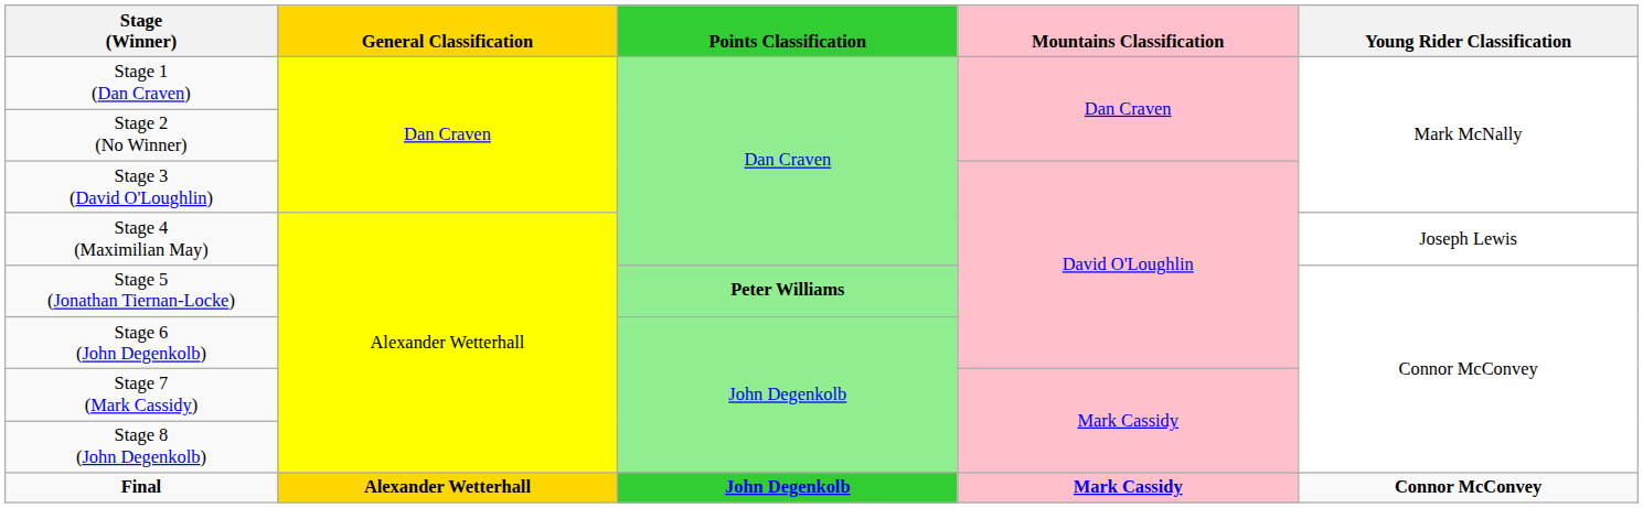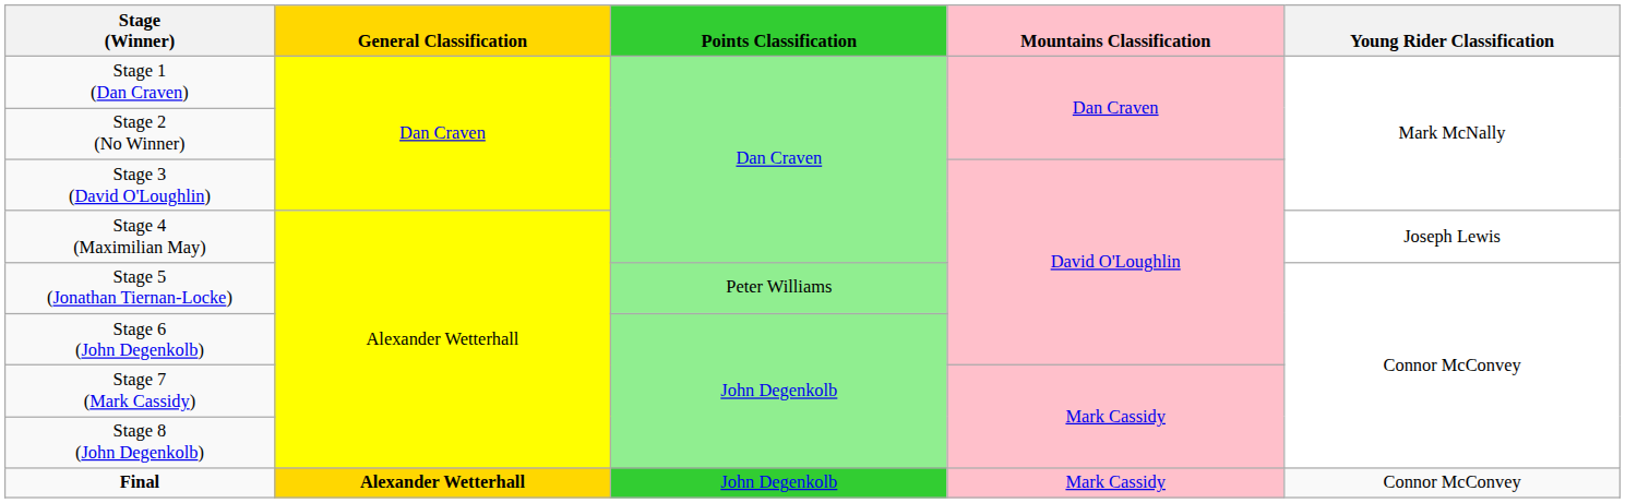 <table class="wikitable" style="text-align: center; font-size:smaller;">
 <tr>
 <th width="12%"><strong>Stage<br>(Winner)</strong></th>
 <th style="background-color:gold;" width="15%"><br><strong>General Classification</strong></th>
 <th style="background-color:limegreen;" width="15%"><br><strong>Points Classification</strong></th>
 <th style="background-color:pink;" width="15%"><br><strong>Mountains Classification</strong></th>
 <th style="background-color:offwhite;" width="15%"><br><strong>Young Rider Classification</strong></th>
 </tr>
 <tr>
 <td>Stage 1 <br>(<a href='#'>Dan Craven</a>)</td>
 <td style="background-color:yellow;" rowspan="3"><a href='#'>Dan Craven</a></td>
 <td style="background-color:lightgreen;" rowspan="4"><a href='#'>Dan Craven</a></td>
 <td style="background-color:pink;" rowspan="2"><a href='#'>Dan Craven</a></td>
 <td style="background-color:white;" rowspan="3">Mark McNally</td>
 </tr>
 <tr>
 <td>Stage 2<br>(No Winner)</td>
 </tr>
 <tr>
 <td>Stage 3<br>(<a href='#'>David O'Loughlin</a>)</td>
 <td style="background-color:pink;" rowspan="4"><a href='#'>David O'Loughlin</a></td>
 </tr>
 <tr>
 <td>Stage 4<br>(Maximilian May)</td>
 <td style="background-color:yellow;" rowspan="5">Alexander Wetterhall</td>
 <td style="background-color:white;" rowspan="1">Joseph Lewis</td>
 </tr>
 <tr>
 <td>Stage 5<br>(<a href='#'>Jonathan Tiernan-Locke</a>)</td>
-<td style="background-color:lightgreen;" rowspan="1"><strong>Peter Williams</strong></td>
+<td style="background-color:lightgreen;" rowspan="1">Peter Williams</td>
 <td style="background-color:white;" rowspan="4">Connor McConvey</td>
 </tr>
 <tr>
 <td>Stage 6<br>(<a href='#'>John Degenkolb</a>)</td>
 <td style="background-color:lightgreen;" rowspan="3"><a href='#'>John Degenkolb</a></td>
 </tr>
 <tr>
 <td>Stage 7<br>(<a href='#'>Mark Cassidy</a>)</td>
 <td style="background-color:pink;" rowspan="2"><a href='#'>Mark Cassidy</a></td>
 </tr>
 <tr>
 <td>Stage 8<br>(<a href='#'>John Degenkolb</a>)</td>
 </tr>
 <tr>
 <td><strong>Final</strong><br></td>
 <td style="background-color:gold;" rowspan="1"><strong>Alexander Wetterhall</strong></td>
-<td style="background-color:limegreen;" rowspan="1"><strong><a href='#'>John Degenkolb</a></strong></td>
-<td style="background-color:pink;" rowspan="1"><strong><a href='#'>Mark Cassidy</a></strong></td>
-<td style="background-color:offwhite;" rowspan="1"><strong>Connor McConvey</strong></td>
+<td style="background-color:limegreen;" rowspan="1"><a href='#'>John Degenkolb</a></td>
+<td style="background-color:pink;" rowspan="1"><a href='#'>Mark Cassidy</a></td>
+<td style="background-color:offwhite;" rowspan="1">Connor McConvey</td>
 </tr>
 </table>
